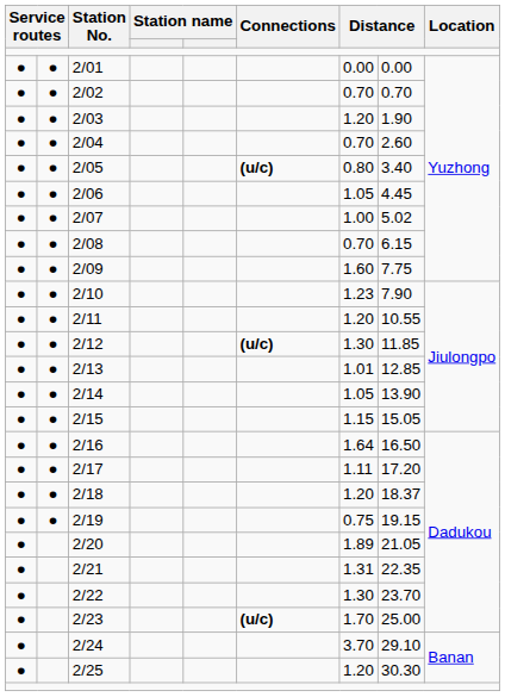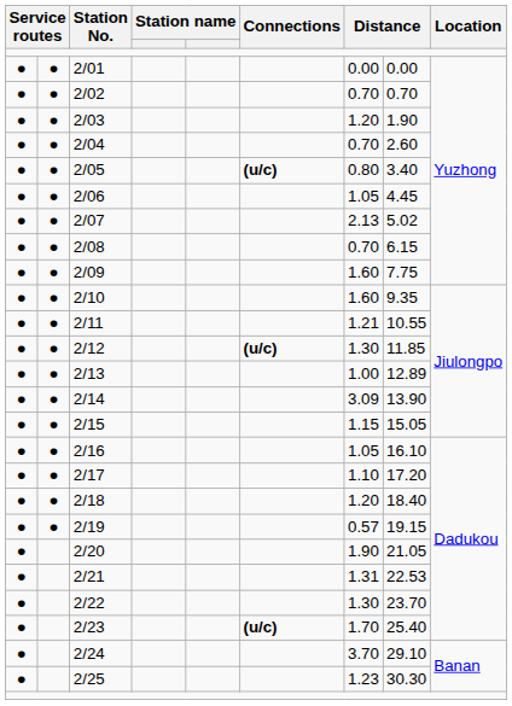 <table class="wikitable">
 <tr>
 <th rowspan="2" colspan="2">Service<br>routes</th>
 <th rowspan="2">Station<br>No.</th>
 <th colspan="2">Station name</th>
 <th rowspan="2">Connections</th>
 <th colspan="2" rowspan="2">Distance<br></th>
 <th rowspan="2">Location</th>
 </tr>
 <tr>
 <th></th>
 <th></th>
 </tr>
 <tr style="background:#">
 <td colspan = "11"></td>
 </tr>
 <tr>
 <td align="center">●</td>
 <td align="center">●</td>
 <td>2/01</td>
 <td></td>
 <td></td>
 <td></td>
 <td>0.00</td>
 <td>0.00</td>
 <td rowspan="9"><a href='#'>Yuzhong</a></td>
 </tr>
 <tr>
 <td align="center">●</td>
 <td align="center">●</td>
 <td>2/02</td>
 <td></td>
 <td></td>
 <td></td>
 <td>0.70</td>
 <td>0.70</td>
 </tr>
 <tr>
 <td align="center">●</td>
 <td align="center">●</td>
 <td>2/03</td>
 <td></td>
 <td></td>
 <td></td>
 <td>1.20</td>
 <td>1.90</td>
 </tr>
 <tr>
 <td align="center">●</td>
 <td align="center">●</td>
 <td>2/04</td>
 <td></td>
 <td></td>
 <td></td>
 <td>0.70</td>
 <td>2.60</td>
 </tr>
 <tr>
 <td align="center">●</td>
 <td align="center">●</td>
 <td>2/05</td>
 <td></td>
 <td></td>
 <td> <strong>(u/c)</strong></td>
 <td>0.80</td>
 <td>3.40</td>
 </tr>
 <tr>
 <td align="center">●</td>
 <td align="center">●</td>
 <td>2/06</td>
 <td></td>
 <td></td>
 <td></td>
 <td>1.05</td>
 <td>4.45</td>
 </tr>
 <tr>
 <td align="center">●</td>
 <td align="center">●</td>
 <td>2/07</td>
 <td></td>
 <td></td>
 <td></td>
-<td>1.00</td>
+<td>2.13</td>
 <td>5.02</td>
 </tr>
 <tr>
 <td align="center">●</td>
 <td align="center">●</td>
 <td>2/08</td>
 <td></td>
 <td></td>
 <td></td>
 <td>0.70</td>
 <td>6.15</td>
 </tr>
 <tr>
 <td align="center">●</td>
 <td align="center">●</td>
 <td>2/09</td>
 <td></td>
 <td></td>
 <td></td>
 <td>1.60</td>
 <td>7.75</td>
 </tr>
 <tr>
 <td align="center">●</td>
 <td align="center">●</td>
 <td>2/10</td>
 <td></td>
 <td></td>
 <td></td>
-<td>1.23</td>
-<td>7.90</td>
+<td>1.60</td>
+<td>9.35</td>
 <td rowspan="6"><a href='#'>Jiulongpo</a></td>
 </tr>
 <tr>
 <td align="center">●</td>
 <td align="center">●</td>
 <td>2/11</td>
 <td></td>
 <td></td>
 <td></td>
-<td>1.20</td>
+<td>1.21</td>
 <td>10.55</td>
 </tr>
 <tr>
 <td align="center">●</td>
 <td align="center">●</td>
 <td>2/12</td>
 <td></td>
 <td></td>
 <td> <strong>(u/c)</strong></td>
 <td>1.30</td>
 <td>11.85</td>
 </tr>
 <tr>
 <td align="center">●</td>
 <td align="center">●</td>
 <td>2/13</td>
 <td></td>
 <td></td>
 <td></td>
-<td>1.01</td>
-<td>12.85</td>
+<td>1.00</td>
+<td>12.89</td>
 </tr>
 <tr>
 <td align="center">●</td>
 <td align="center">●</td>
 <td>2/14</td>
 <td></td>
 <td></td>
 <td></td>
-<td>1.05</td>
+<td>3.09</td>
 <td>13.90</td>
 </tr>
 <tr>
 <td align="center">●</td>
 <td align="center">●</td>
 <td>2/15</td>
 <td></td>
 <td></td>
 <td></td>
 <td>1.15</td>
 <td>15.05</td>
 </tr>
 <tr>
 <td align="center">●</td>
 <td align="center">●</td>
 <td>2/16</td>
 <td></td>
 <td></td>
 <td></td>
-<td>1.64</td>
-<td>16.50</td>
+<td>1.05</td>
+<td>16.10</td>
 <td rowspan="8"><a href='#'>Dadukou</a></td>
 </tr>
 <tr>
 <td align="center">●</td>
 <td align="center">●</td>
 <td>2/17</td>
 <td></td>
 <td></td>
 <td></td>
-<td>1.11</td>
+<td>1.10</td>
 <td>17.20</td>
 </tr>
 <tr>
 <td align="center">●</td>
 <td align="center">●</td>
 <td>2/18</td>
 <td></td>
 <td></td>
 <td></td>
 <td>1.20</td>
-<td>18.37</td>
+<td>18.40</td>
 </tr>
 <tr>
 <td align="center">●</td>
 <td align="center">●</td>
 <td>2/19</td>
 <td></td>
 <td></td>
 <td></td>
-<td>0.75</td>
+<td>0.57</td>
 <td>19.15</td>
 </tr>
 <tr>
 <td align="center">●</td>
 <td align="center"></td>
 <td>2/20</td>
 <td></td>
 <td></td>
 <td></td>
-<td>1.89</td>
+<td>1.90</td>
 <td>21.05</td>
 </tr>
 <tr>
 <td align="center">●</td>
 <td align="center"></td>
 <td>2/21</td>
 <td></td>
 <td></td>
 <td></td>
 <td>1.31</td>
-<td>22.35</td>
+<td>22.53</td>
 </tr>
 <tr>
 <td align="center">●</td>
 <td align="center"></td>
 <td>2/22</td>
 <td></td>
 <td></td>
 <td></td>
 <td>1.30</td>
 <td>23.70</td>
 </tr>
 <tr>
 <td align="center">●</td>
 <td align="center"></td>
 <td>2/23</td>
 <td></td>
 <td></td>
 <td> <strong>(u/c)</strong></td>
 <td>1.70</td>
-<td>25.00</td>
+<td>25.40</td>
 </tr>
 <tr>
 <td align="center">●</td>
 <td></td>
 <td>2/24</td>
 <td></td>
 <td></td>
 <td></td>
 <td>3.70</td>
 <td>29.10</td>
 <td rowspan="2"><a href='#'>Banan</a></td>
 </tr>
 <tr>
 <td align="center">●</td>
 <td></td>
 <td>2/25</td>
 <td></td>
 <td></td>
 <td></td>
-<td>1.20</td>
+<td>1.23</td>
 <td>30.30</td>
 </tr>
 <tr style="background:#">
 <td colspan = "11"></td>
 </tr>
 </table>
